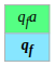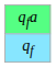 <table class="wikitable" style="text-align:center;">
 <tr>
 <td bgcolor="#55FF83" width="40"><em>q</em><sub><em>f</em></sub><em>a</em></td>
 </tr>
 <tr>
-<td bgcolor="#87E6FF" width="40"><strong><em>q</em><sub><em>f</em></sub></strong></td>
+<td bgcolor="#87E6FF" width="40"><em>q</em><sub><em>f</em></sub></td>
 </tr>
 </table>
